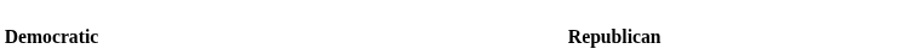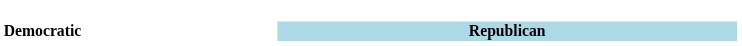 <table style="width:60%; text-align:center">
 <tr style="color:white">
 <td style="background:"><strong>233</strong></td>
 <td style="background:"><strong>202</strong></td>
 </tr>
 <tr>
 <td><span><strong>Democratic</strong></span></td>
-<td><span><strong>Republican</strong></span></td>
+<td style="background: lightblue;"><span><strong>Republican</strong></span></td>
 </tr>
 </table>
